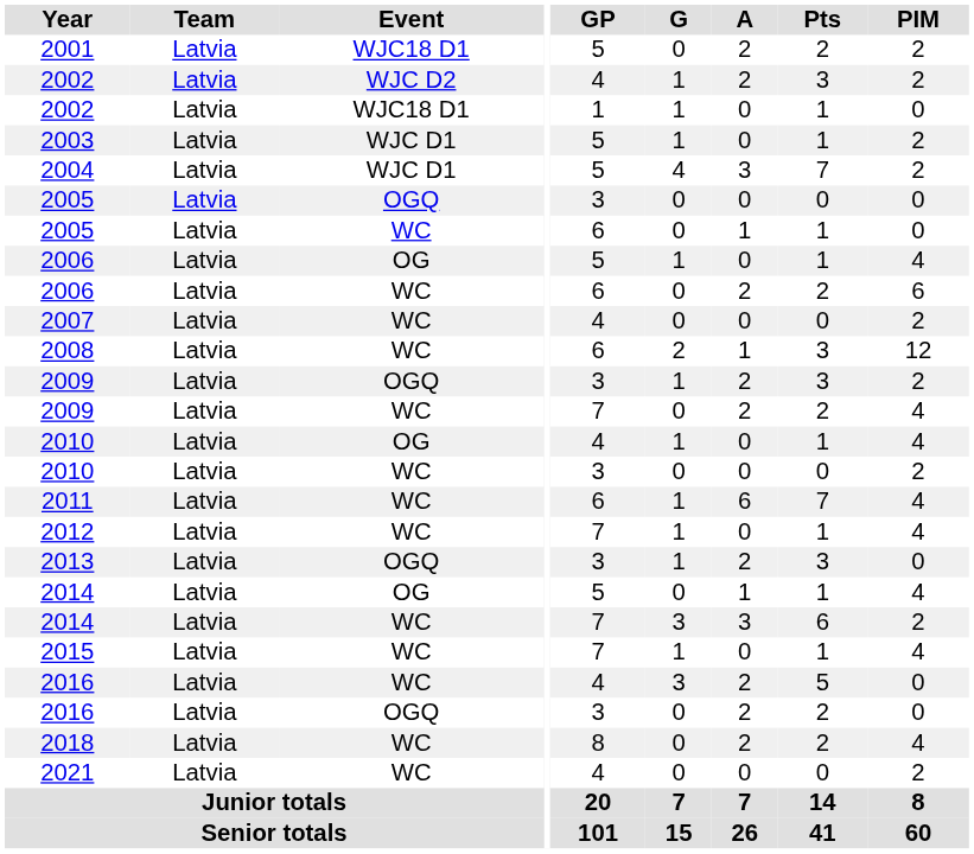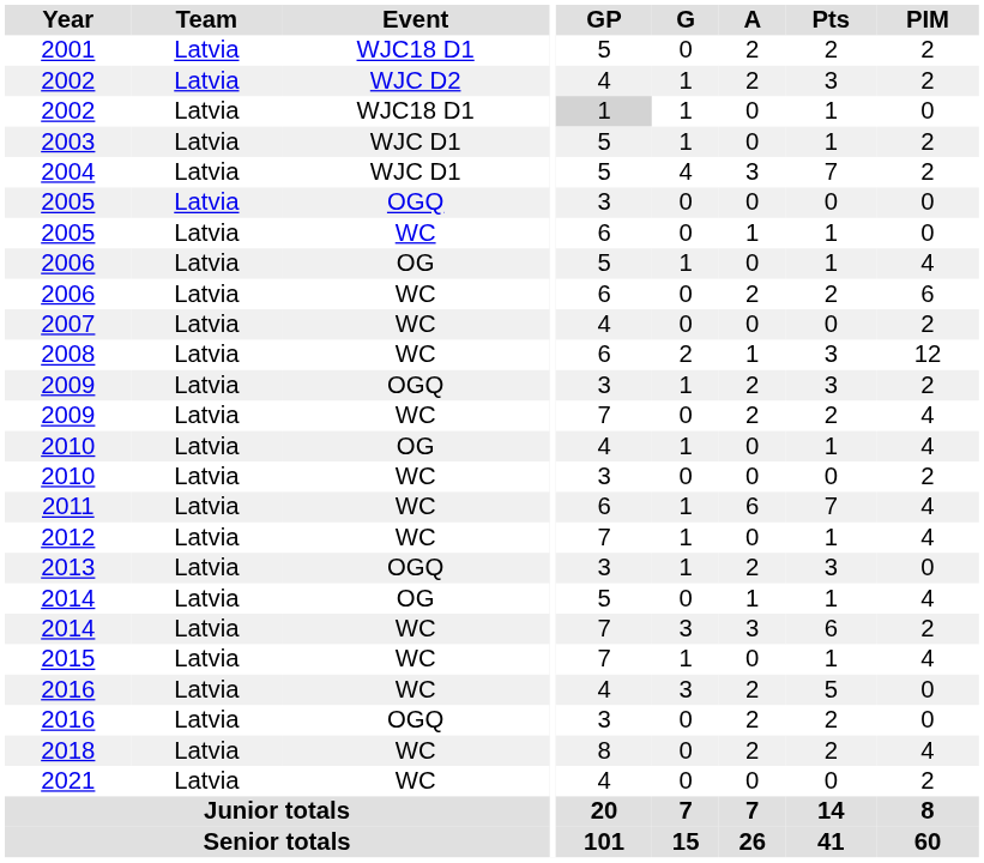 <table border="0" cellpadding="1" cellspacing="0" ID="Table3" style="text-align:center; width:40em">
 <tr ALIGN="center" bgcolor="#e0e0e0">
 <th>Year</th>
 <th>Team</th>
 <th>Event</th>
 <th rowspan="99" bgcolor="#ffffff"></th>
 <th>GP</th>
 <th>G</th>
 <th>A</th>
 <th>Pts</th>
 <th>PIM</th>
 </tr>
 <tr>
 <td><a href='#'>2001</a></td>
 <td><a href='#'>Latvia</a></td>
 <td><a href='#'>WJC18 D1</a></td>
 <td>5</td>
 <td>0</td>
 <td>2</td>
 <td>2</td>
 <td>2</td>
 </tr>
 <tr bgcolor="#f0f0f0">
 <td><a href='#'>2002</a></td>
 <td><a href='#'>Latvia</a></td>
 <td><a href='#'>WJC D2</a></td>
 <td>4</td>
 <td>1</td>
 <td>2</td>
 <td>3</td>
 <td>2</td>
 </tr>
 <tr>
 <td><a href='#'>2002</a></td>
 <td>Latvia</td>
 <td>WJC18 D1</td>
-<td>1</td>
+<td style="background: lightgrey;">1</td>
 <td>1</td>
 <td>0</td>
 <td>1</td>
 <td>0</td>
 </tr>
 <tr bgcolor="#f0f0f0">
 <td><a href='#'>2003</a></td>
 <td>Latvia</td>
 <td>WJC D1</td>
 <td>5</td>
 <td>1</td>
 <td>0</td>
 <td>1</td>
 <td>2</td>
 </tr>
 <tr>
 <td><a href='#'>2004</a></td>
 <td>Latvia</td>
 <td>WJC D1</td>
 <td>5</td>
 <td>4</td>
 <td>3</td>
 <td>7</td>
 <td>2</td>
 </tr>
 <tr bgcolor="#f0f0f0">
 <td><a href='#'>2005</a></td>
 <td><a href='#'>Latvia</a></td>
 <td><a href='#'>OGQ</a></td>
 <td>3</td>
 <td>0</td>
 <td>0</td>
 <td>0</td>
 <td>0</td>
 </tr>
 <tr>
 <td><a href='#'>2005</a></td>
 <td>Latvia</td>
 <td><a href='#'>WC</a></td>
 <td>6</td>
 <td>0</td>
 <td>1</td>
 <td>1</td>
 <td>0</td>
 </tr>
 <tr bgcolor="#f0f0f0">
 <td><a href='#'>2006</a></td>
 <td>Latvia</td>
 <td>OG</td>
 <td>5</td>
 <td>1</td>
 <td>0</td>
 <td>1</td>
 <td>4</td>
 </tr>
 <tr>
 <td><a href='#'>2006</a></td>
 <td>Latvia</td>
 <td>WC</td>
 <td>6</td>
 <td>0</td>
 <td>2</td>
 <td>2</td>
 <td>6</td>
 </tr>
 <tr bgcolor="#f0f0f0">
 <td><a href='#'>2007</a></td>
 <td>Latvia</td>
 <td>WC</td>
 <td>4</td>
 <td>0</td>
 <td>0</td>
 <td>0</td>
 <td>2</td>
 </tr>
 <tr>
 <td><a href='#'>2008</a></td>
 <td>Latvia</td>
 <td>WC</td>
 <td>6</td>
 <td>2</td>
 <td>1</td>
 <td>3</td>
 <td>12</td>
 </tr>
 <tr bgcolor="#f0f0f0">
 <td><a href='#'>2009</a></td>
 <td>Latvia</td>
 <td>OGQ</td>
 <td>3</td>
 <td>1</td>
 <td>2</td>
 <td>3</td>
 <td>2</td>
 </tr>
 <tr>
 <td><a href='#'>2009</a></td>
 <td>Latvia</td>
 <td>WC</td>
 <td>7</td>
 <td>0</td>
 <td>2</td>
 <td>2</td>
 <td>4</td>
 </tr>
 <tr bgcolor="#f0f0f0">
 <td><a href='#'>2010</a></td>
 <td>Latvia</td>
 <td>OG</td>
 <td>4</td>
 <td>1</td>
 <td>0</td>
 <td>1</td>
 <td>4</td>
 </tr>
 <tr>
 <td><a href='#'>2010</a></td>
 <td>Latvia</td>
 <td>WC</td>
 <td>3</td>
 <td>0</td>
 <td>0</td>
 <td>0</td>
 <td>2</td>
 </tr>
 <tr bgcolor="#f0f0f0">
 <td><a href='#'>2011</a></td>
 <td>Latvia</td>
 <td>WC</td>
 <td>6</td>
 <td>1</td>
 <td>6</td>
 <td>7</td>
 <td>4</td>
 </tr>
 <tr>
 <td><a href='#'>2012</a></td>
 <td>Latvia</td>
 <td>WC</td>
 <td>7</td>
 <td>1</td>
 <td>0</td>
 <td>1</td>
 <td>4</td>
 </tr>
 <tr bgcolor="#f0f0f0">
 <td><a href='#'>2013</a></td>
 <td>Latvia</td>
 <td>OGQ</td>
 <td>3</td>
 <td>1</td>
 <td>2</td>
 <td>3</td>
 <td>0</td>
 </tr>
 <tr>
 <td><a href='#'>2014</a></td>
 <td>Latvia</td>
 <td>OG</td>
 <td>5</td>
 <td>0</td>
 <td>1</td>
 <td>1</td>
 <td>4</td>
 </tr>
 <tr bgcolor="#f0f0f0">
 <td><a href='#'>2014</a></td>
 <td>Latvia</td>
 <td>WC</td>
 <td>7</td>
 <td>3</td>
 <td>3</td>
 <td>6</td>
 <td>2</td>
 </tr>
 <tr>
 <td><a href='#'>2015</a></td>
 <td>Latvia</td>
 <td>WC</td>
 <td>7</td>
 <td>1</td>
 <td>0</td>
 <td>1</td>
 <td>4</td>
 </tr>
 <tr bgcolor="#f0f0f0">
 <td><a href='#'>2016</a></td>
 <td>Latvia</td>
 <td>WC</td>
 <td>4</td>
 <td>3</td>
 <td>2</td>
 <td>5</td>
 <td>0</td>
 </tr>
 <tr>
 <td><a href='#'>2016</a></td>
 <td>Latvia</td>
 <td>OGQ</td>
 <td>3</td>
 <td>0</td>
 <td>2</td>
 <td>2</td>
 <td>0</td>
 </tr>
 <tr bgcolor="#f0f0f0">
 <td><a href='#'>2018</a></td>
 <td>Latvia</td>
 <td>WC</td>
 <td>8</td>
 <td>0</td>
 <td>2</td>
 <td>2</td>
 <td>4</td>
 </tr>
 <tr>
 <td><a href='#'>2021</a></td>
 <td>Latvia</td>
 <td>WC</td>
 <td>4</td>
 <td>0</td>
 <td>0</td>
 <td>0</td>
 <td>2</td>
 </tr>
 <tr bgcolor="#e0e0e0">
 <th colspan="3">Junior totals</th>
 <th>20</th>
 <th>7</th>
 <th>7</th>
 <th>14</th>
 <th>8</th>
 </tr>
 <tr bgcolor="#e0e0e0">
 <th colspan="3">Senior totals</th>
 <th>101</th>
 <th>15</th>
 <th>26</th>
 <th>41</th>
 <th>60</th>
 </tr>
 </table>
